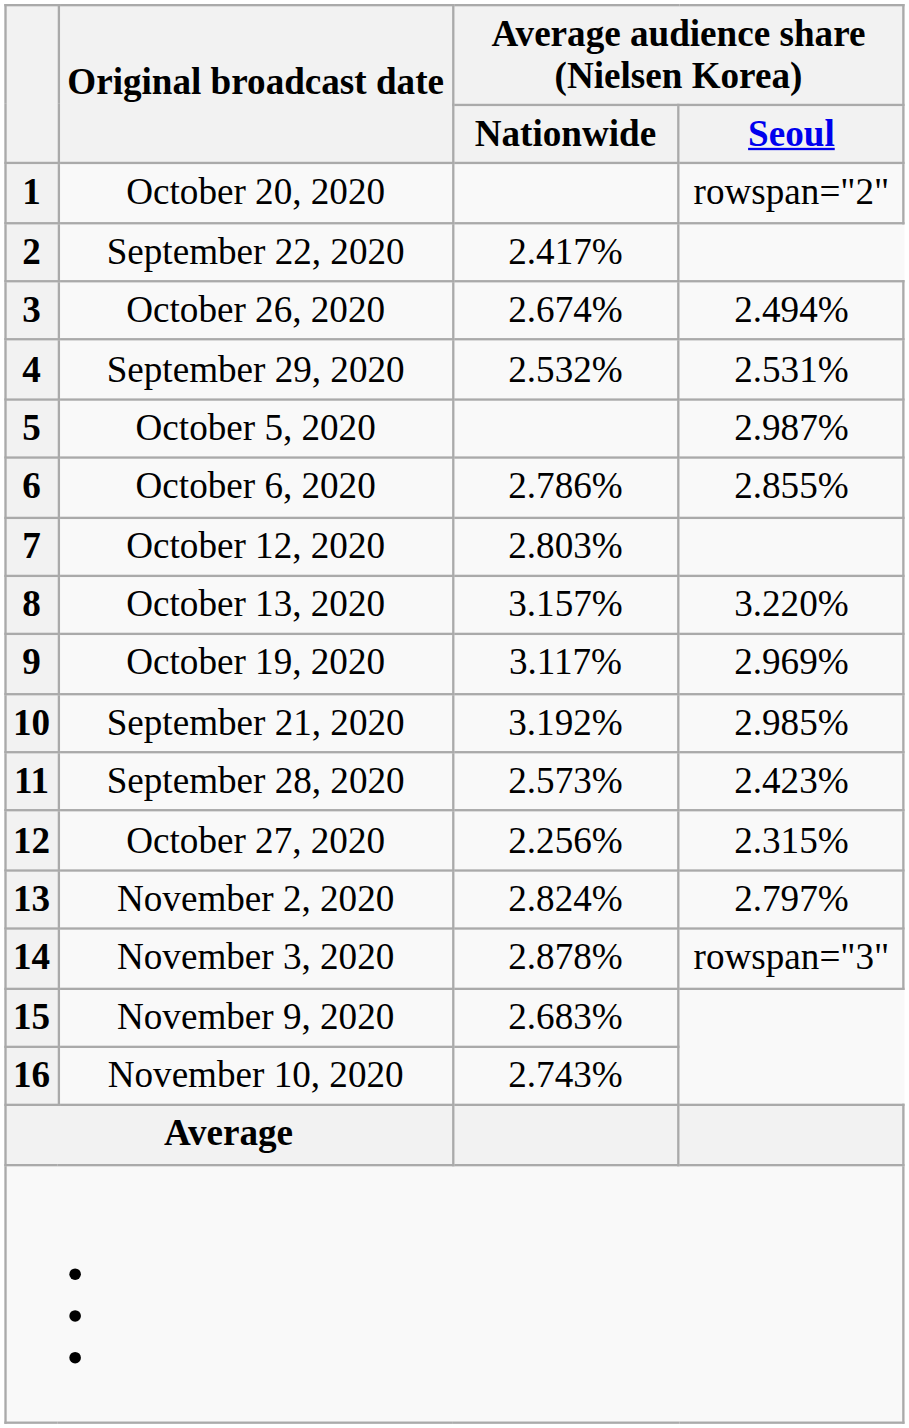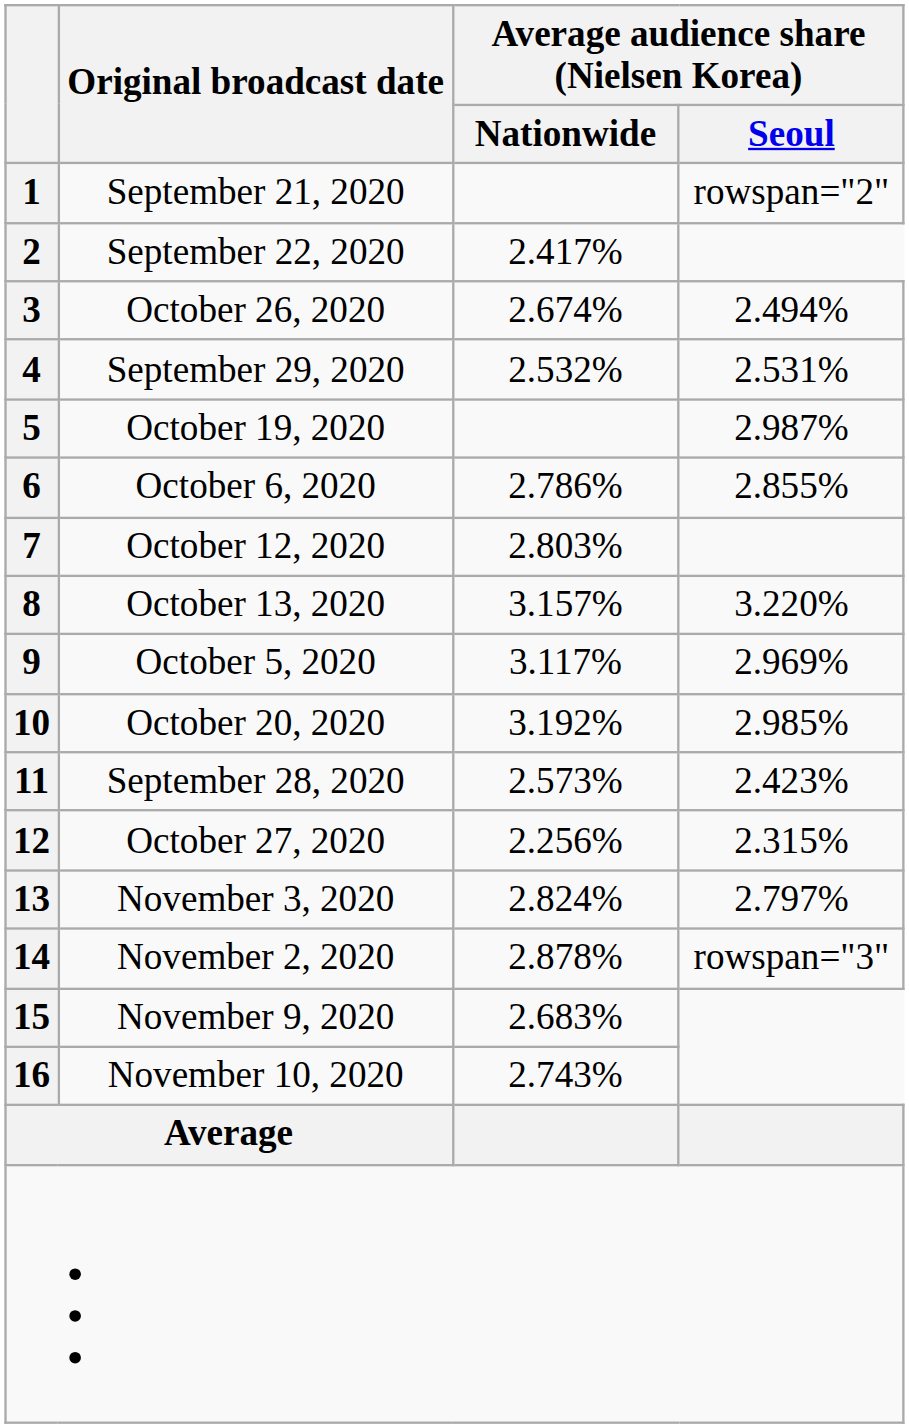 <table class="wikitable" style="text-align:center;max-width:450px; margin-left: auto; margin-right: auto; border: none;">
 <tr>
 </tr>
 <tr>
 <th rowspan="2"></th>
 <th rowspan="2">Original broadcast date</th>
 <th colspan="2">Average audience share<br>(Nielsen Korea)</th>
 </tr>
 <tr>
 <th width="90">Nationwide</th>
 <th width="90"><a href='#'>Seoul</a></th>
 </tr>
 <tr>
 <th>1</th>
-<td>October 20, 2020</td>
+<td>September 21, 2020</td>
 <td><strong></strong> </td>
 <td>rowspan="2" </td>
 </tr>
 <tr>
 <th>2</th>
 <td>September 22, 2020</td>
 <td>2.417% </td>
 </tr>
 <tr>
 <th>3</th>
 <td>October 26, 2020</td>
 <td>2.674% </td>
 <td>2.494% </td>
 </tr>
 <tr>
 <th>4</th>
 <td>September 29, 2020</td>
 <td>2.532% </td>
 <td>2.531% </td>
 </tr>
 <tr>
 <th>5</th>
-<td>October 5, 2020</td>
+<td>October 19, 2020</td>
 <td><strong></strong> </td>
 <td>2.987% </td>
 </tr>
 <tr>
 <th>6</th>
 <td>October 6, 2020</td>
 <td>2.786% </td>
 <td>2.855% </td>
 </tr>
 <tr>
 <th>7</th>
 <td>October 12, 2020</td>
 <td>2.803% </td>
 <td></td>
 </tr>
 <tr>
 <th>8</th>
 <td>October 13, 2020</td>
 <td>3.157% </td>
 <td>3.220% </td>
 </tr>
 <tr>
 <th>9</th>
-<td>October 19, 2020</td>
+<td>October 5, 2020</td>
 <td>3.117% </td>
 <td>2.969% </td>
 </tr>
 <tr>
 <th>10</th>
-<td>September 21, 2020</td>
+<td>October 20, 2020</td>
 <td>3.192% </td>
 <td>2.985% </td>
 </tr>
 <tr>
 <th>11</th>
 <td>September 28, 2020</td>
 <td>2.573% </td>
 <td>2.423% </td>
 </tr>
 <tr>
 <th>12</th>
 <td>October 27, 2020</td>
 <td>2.256% </td>
 <td>2.315% </td>
 </tr>
 <tr>
 <th>13</th>
-<td>November 2, 2020</td>
+<td>November 3, 2020</td>
 <td>2.824% </td>
 <td>2.797% </td>
 </tr>
 <tr>
 <th>14</th>
-<td>November 3, 2020</td>
+<td>November 2, 2020</td>
 <td>2.878% </td>
 <td>rowspan="3" </td>
 </tr>
 <tr>
 <th>15</th>
 <td>November 9, 2020</td>
 <td>2.683% </td>
 </tr>
 <tr>
 <th>16</th>
 <td>November 10, 2020</td>
 <td>2.743% </td>
 </tr>
 <tr>
 <th colspan="2">Average</th>
 <th></th>
 <th></th>
 </tr>
 <tr>
 <td colspan="6"><br><ul><li></li><li></li><li></li></ul></td>
 </tr>
 </table>
